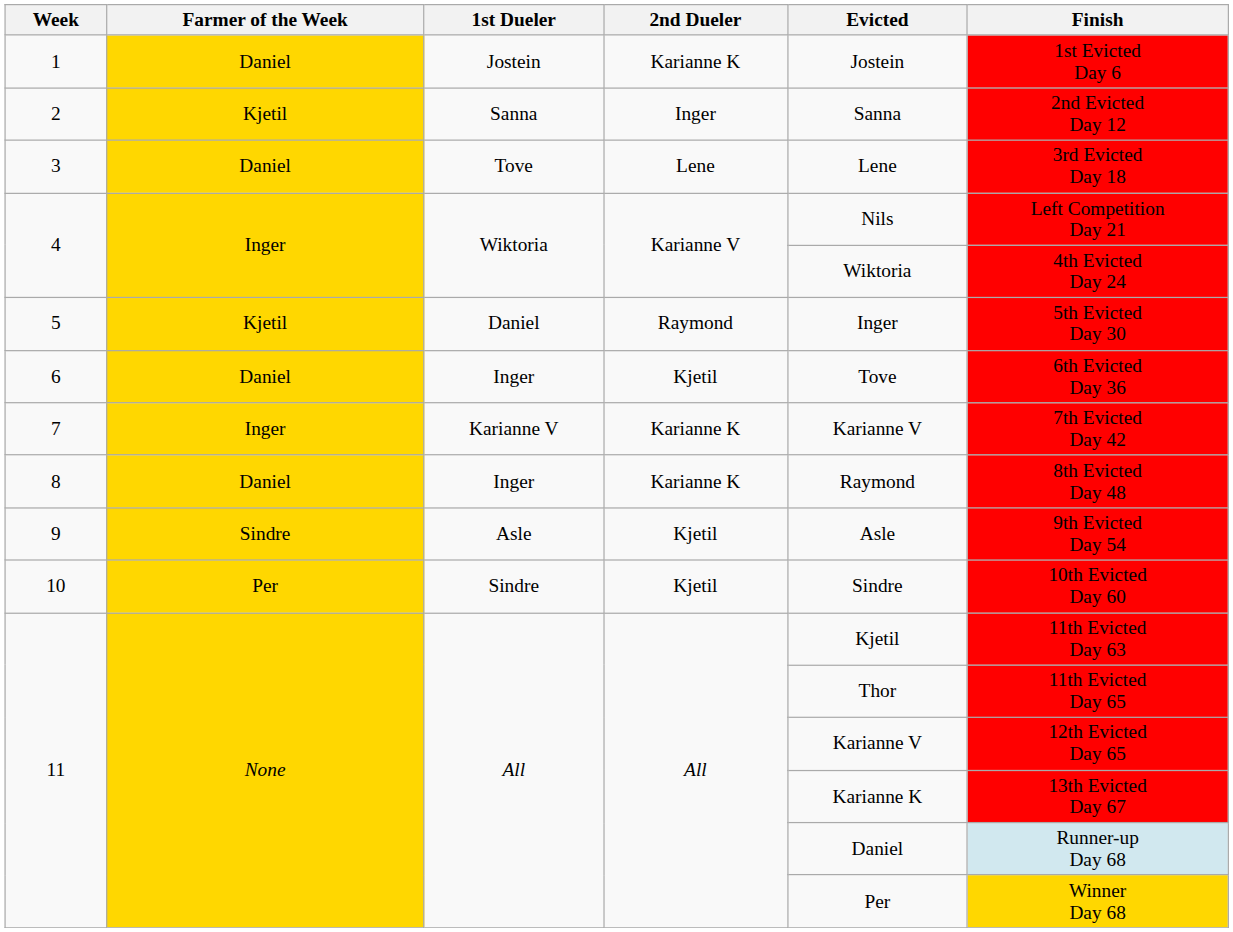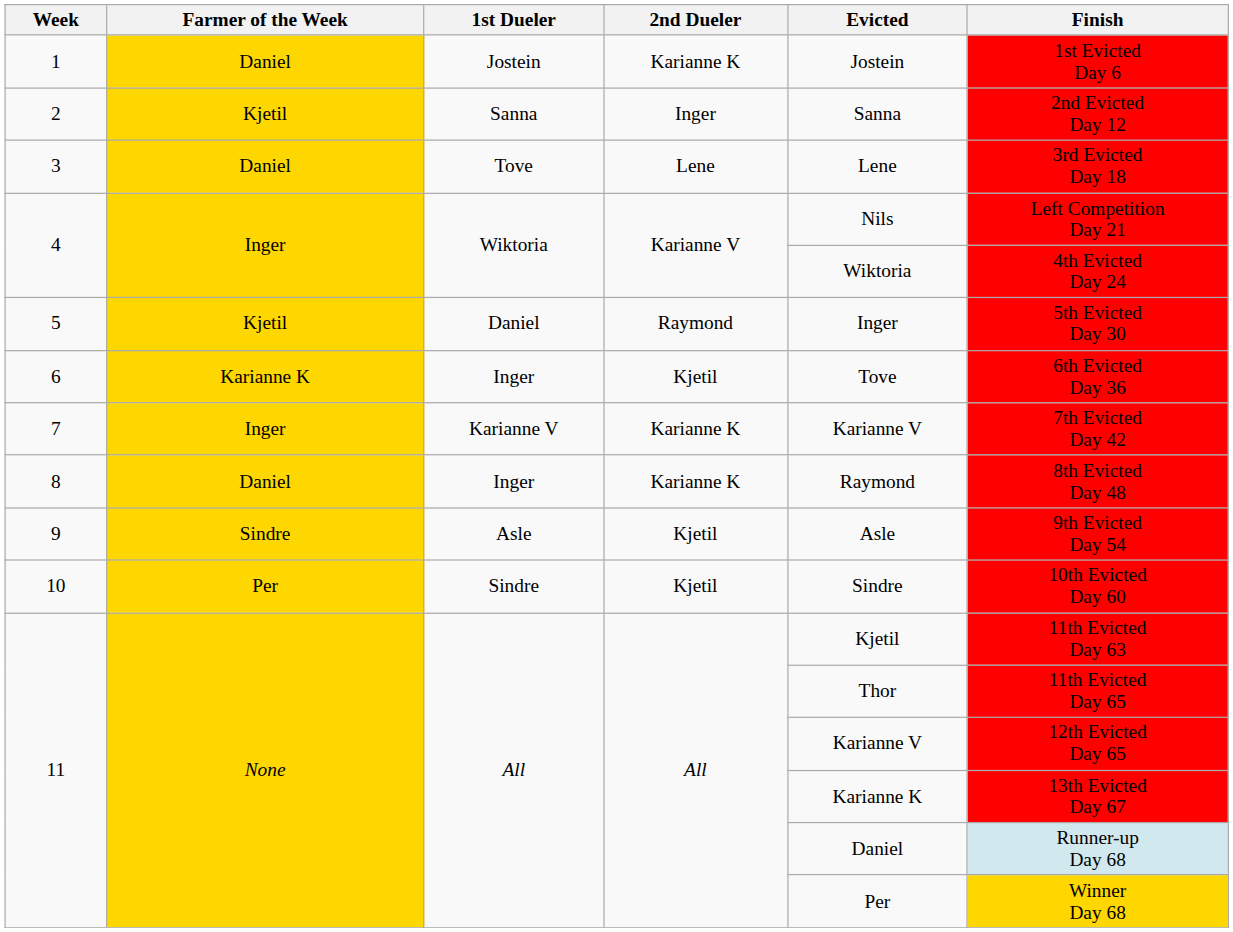 <table class="wikitable" style="font-size:100%; text-align:center; width: 80%; margin-left: auto; margin-right: auto;">
 <tr>
 <th>Week</th>
 <th>Farmer of the Week</th>
 <th>1st Dueler</th>
 <th>2nd Dueler</th>
 <th>Evicted</th>
 <th>Finish</th>
 </tr>
 <tr>
 <td>1</td>
 <td style="background:gold;">Daniel</td>
 <td>Jostein</td>
 <td>Karianne K</td>
 <td>Jostein</td>
 <td style="background:#ff0000">1st Evicted<br>Day 6</td>
 </tr>
 <tr>
 <td>2</td>
 <td style="background:gold;">Kjetil</td>
 <td>Sanna</td>
 <td>Inger</td>
 <td>Sanna</td>
 <td style="background:#ff0000">2nd Evicted<br>Day 12</td>
 </tr>
 <tr>
 <td>3</td>
 <td style="background:gold;">Daniel</td>
 <td>Tove</td>
 <td>Lene</td>
 <td>Lene</td>
 <td style="background:#ff0000">3rd Evicted<br>Day 18</td>
 </tr>
 <tr>
 <td rowspan="2">4</td>
 <td rowspan="2" style="background:gold;">Inger</td>
 <td rowspan="2">Wiktoria</td>
 <td rowspan="2">Karianne V</td>
 <td rowspan="1">Nils</td>
 <td rowspan="1" style="background:#ff0000">Left Competition<br>Day 21</td>
 </tr>
 <tr>
 <td rowspan="1">Wiktoria</td>
 <td rowspan="1"  style="background:#ff0000">4th Evicted<br>Day 24</td>
 </tr>
 <tr>
 <td>5</td>
 <td style="background:gold;">Kjetil</td>
 <td>Daniel</td>
 <td>Raymond</td>
 <td>Inger</td>
 <td style="background:#ff0000">5th Evicted<br>Day 30</td>
 </tr>
 <tr>
 <td>6</td>
-<td style="background:gold;">Daniel</td>
+<td style="background:gold;">Karianne K</td>
 <td>Inger</td>
 <td>Kjetil</td>
 <td>Tove</td>
 <td style="background:#ff0000">6th Evicted<br>Day 36</td>
 </tr>
 <tr>
 <td>7</td>
 <td style="background:gold;">Inger</td>
 <td>Karianne V</td>
 <td>Karianne K</td>
 <td>Karianne V</td>
 <td style="background:#ff0000">7th Evicted<br>Day 42</td>
 </tr>
 <tr>
 <td>8</td>
 <td style="background:gold;">Daniel</td>
 <td>Inger</td>
 <td>Karianne K</td>
 <td>Raymond</td>
 <td style="background:#ff0000">8th Evicted<br>Day 48</td>
 </tr>
 <tr>
 <td>9</td>
 <td style="background:gold;">Sindre</td>
 <td>Asle</td>
 <td>Kjetil</td>
 <td>Asle</td>
 <td style="background:#ff0000">9th Evicted<br>Day 54</td>
 </tr>
 <tr>
 <td>10</td>
 <td style="background:gold;">Per</td>
 <td>Sindre</td>
 <td>Kjetil</td>
 <td>Sindre</td>
 <td style="background:#ff0000">10th Evicted<br>Day 60</td>
 </tr>
 <tr>
 <td rowspan="6">11</td>
 <td rowspan="6" style="background:gold;"><em>None</em></td>
 <td rowspan="6"><em>All</em></td>
 <td rowspan="6"><em>All</em></td>
 <td>Kjetil</td>
 <td style="background:#ff0000">11th Evicted<br>Day 63</td>
 </tr>
 <tr>
 <td>Thor</td>
 <td style="background:#ff0000">11th Evicted<br>Day 65</td>
 </tr>
 <tr>
 <td>Karianne V</td>
 <td style="background:#ff0000">12th Evicted<br>Day 65</td>
 </tr>
 <tr>
 <td>Karianne K</td>
 <td style="background:#ff0000">13th Evicted<br>Day 67</td>
 </tr>
 <tr>
 <td>Daniel</td>
 <td style="background:#D1E8EF;">Runner-up<br>Day 68</td>
 </tr>
 <tr>
 <td>Per</td>
 <td style="background:gold;">Winner<br>Day 68</td>
 </tr>
 </table>
